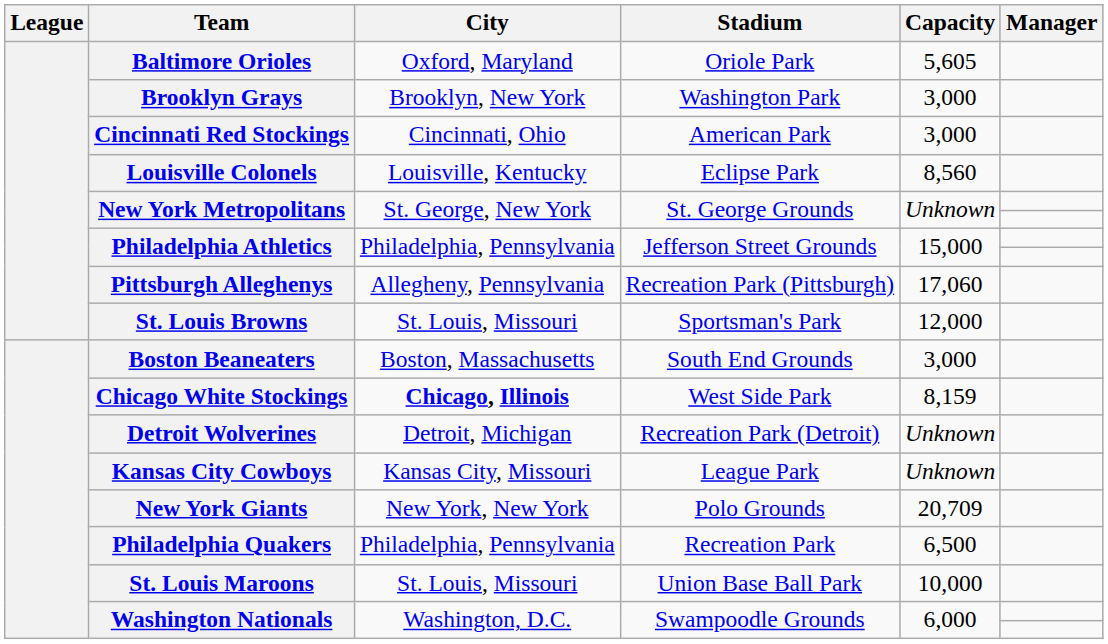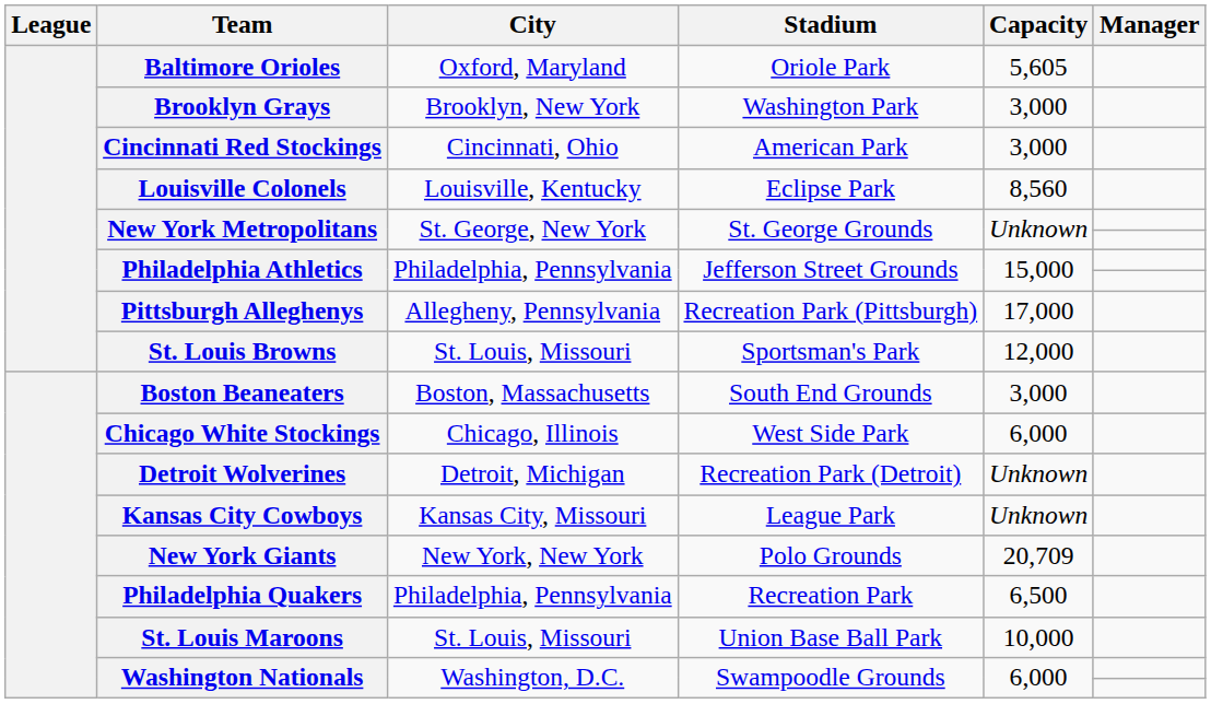 <table class="wikitable sortable plainrowheaders" style="text-align:center;">
 <tr>
 <th scope="col">League</th>
 <th scope="col">Team</th>
 <th scope="col">City</th>
 <th scope="col">Stadium</th>
 <th scope="col">Capacity</th>
 <th scope="col">Manager</th>
 </tr>
 <tr>
 <th rowspan="10"></th>
 <th scope="row"><a href='#'>Baltimore Orioles</a></th>
 <td><a href='#'>Oxford</a>, <a href='#'>Maryland</a></td>
 <td><a href='#'>Oriole Park</a></td>
 <td>5,605</td>
 <td></td>
 </tr>
 <tr>
 <th scope="row"><a href='#'>Brooklyn Grays</a></th>
 <td><a href='#'>Brooklyn</a>, <a href='#'>New York</a></td>
 <td><a href='#'>Washington Park</a></td>
 <td>3,000</td>
 <td></td>
 </tr>
 <tr>
 <th scope="row"><a href='#'>Cincinnati Red Stockings</a></th>
 <td><a href='#'>Cincinnati</a>, <a href='#'>Ohio</a></td>
 <td><a href='#'>American Park</a></td>
 <td>3,000</td>
 <td></td>
 </tr>
 <tr>
 <th scope="row"><a href='#'>Louisville Colonels</a></th>
 <td><a href='#'>Louisville</a>, <a href='#'>Kentucky</a></td>
 <td><a href='#'>Eclipse Park</a></td>
 <td>8,560</td>
 <td></td>
 </tr>
 <tr>
 <th rowspan="2" scope="row"><a href='#'>New York Metropolitans</a></th>
 <td rowspan="2"><a href='#'>St. George</a>, <a href='#'>New York</a></td>
 <td rowspan="2"><a href='#'>St. George Grounds</a></td>
 <td rowspan="2"><em>Unknown</em></td>
 <td></td>
 </tr>
 <tr>
 <td></td>
 </tr>
 <tr>
 <th rowspan="2" scope="row"><a href='#'>Philadelphia Athletics</a></th>
 <td rowspan="2"><a href='#'>Philadelphia</a>, <a href='#'>Pennsylvania</a></td>
 <td rowspan="2"><a href='#'>Jefferson Street Grounds</a></td>
 <td rowspan="2">15,000</td>
 <td></td>
 </tr>
 <tr>
 <td></td>
 </tr>
 <tr>
 <th scope="row"><a href='#'>Pittsburgh Alleghenys</a></th>
 <td><a href='#'>Allegheny</a>, <a href='#'>Pennsylvania</a></td>
 <td><a href='#'>Recreation Park (Pittsburgh)</a></td>
-<td>17,060</td>
+<td>17,000</td>
 <td></td>
 </tr>
 <tr>
 <th scope="row"><a href='#'>St. Louis Browns</a></th>
 <td><a href='#'>St. Louis</a>, <a href='#'>Missouri</a></td>
 <td><a href='#'>Sportsman's Park</a></td>
 <td>12,000</td>
 <td></td>
 </tr>
 <tr>
 <th rowspan="9"></th>
 <th scope="row"><a href='#'>Boston Beaneaters</a></th>
 <td><a href='#'>Boston</a>, <a href='#'>Massachusetts</a></td>
 <td><a href='#'>South End Grounds</a></td>
 <td>3,000</td>
 <td></td>
 </tr>
 <tr>
 <th scope="row"><a href='#'>Chicago White Stockings</a></th>
-<td><strong><a href='#'>Chicago</a>, <a href='#'>Illinois</a></strong></td>
+<td><a href='#'>Chicago</a>, <a href='#'>Illinois</a></td>
 <td><a href='#'>West Side Park</a></td>
-<td>8,159</td>
+<td>6,000</td>
 <td></td>
 </tr>
 <tr>
 <th scope="row"><a href='#'>Detroit Wolverines</a></th>
 <td><a href='#'>Detroit</a>, <a href='#'>Michigan</a></td>
 <td><a href='#'>Recreation Park (Detroit)</a></td>
 <td><em>Unknown</em></td>
 <td></td>
 </tr>
 <tr>
 <th scope="row"><a href='#'>Kansas City Cowboys</a></th>
 <td><a href='#'>Kansas City</a>, <a href='#'>Missouri</a></td>
 <td><a href='#'>League Park</a></td>
 <td><em>Unknown</em></td>
 <td></td>
 </tr>
 <tr>
 <th scope="row"><a href='#'>New York Giants</a></th>
 <td><a href='#'>New York</a>, <a href='#'>New York</a></td>
 <td><a href='#'>Polo Grounds</a></td>
 <td>20,709</td>
 <td></td>
 </tr>
 <tr>
 <th scope="row"><a href='#'>Philadelphia Quakers</a></th>
 <td><a href='#'>Philadelphia</a>, <a href='#'>Pennsylvania</a></td>
 <td><a href='#'>Recreation Park</a></td>
 <td>6,500</td>
 <td></td>
 </tr>
 <tr>
 <th scope="row"><a href='#'>St. Louis Maroons</a></th>
 <td><a href='#'>St. Louis</a>, <a href='#'>Missouri</a></td>
 <td><a href='#'>Union Base Ball Park</a></td>
 <td>10,000</td>
 <td></td>
 </tr>
 <tr>
 <th rowspan="2" scope="row"><a href='#'>Washington Nationals</a></th>
 <td rowspan="2"><a href='#'>Washington, D.C.</a></td>
 <td rowspan="2"><a href='#'>Swampoodle Grounds</a></td>
 <td rowspan="2">6,000</td>
 <td></td>
 </tr>
 <tr>
 <td></td>
 </tr>
 </table>
